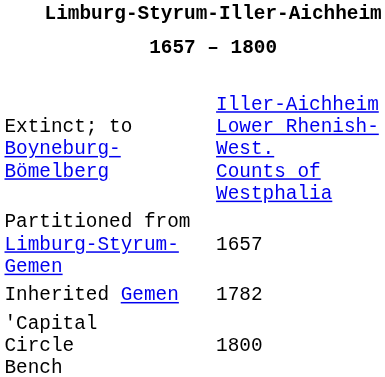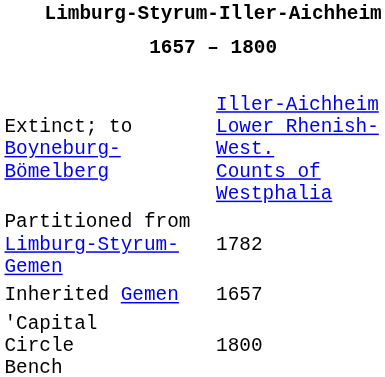 <table align="right" class="toccolours">
 <tr>
 <td colspan=2 align="center"><strong>Limburg-Styrum-Iller-Aichheim</strong></td>
 </tr>
 <tr>
 <td colspan=2 align="center"></td>
 </tr>
 <tr>
 <td colspan=2 align="center"><strong>1657 – 1800</strong></td>
 </tr>
 <tr>
 <td><br></td>
 </tr>
 <tr>
 <td>Extinct; to <a href='#'>Boyneburg-Bömelberg</a></td>
 <td width=138px><a href='#'>Iller-Aichheim</a><br><a href='#'>Lower Rhenish-West.</a><br><a href='#'>Counts of Westphalia</a></td>
 </tr>
 <tr>
 <td>Partitioned from <a href='#'>Limburg-Styrum-Gemen</a></td>
-<td>1657</td>
+<td>1782</td>
 </tr>
 <tr>
 <td>Inherited <a href='#'>Gemen</a></td>
-<td>1782</td>
+<td>1657</td>
 </tr>
 <tr>
 <td width=138px>'Capital<br>Circle<br>Bench</td>
 <td>1800</td>
 </tr>
 <tr>
 </tr>
 </table>
